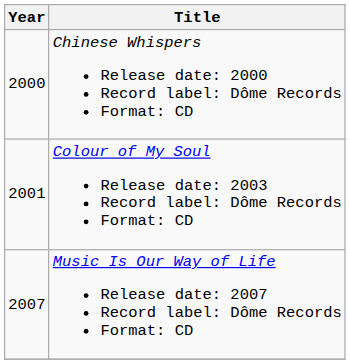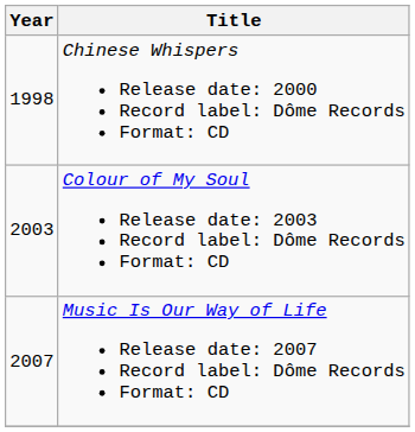 <table class="wikitable" style="text-align:center;">
 <tr>
 <th>Year</th>
 <th>Title</th>
 </tr>
 <tr>
-<td style="text-align:center;" rowspan="1">2000</td>
+<td style="text-align:center;" rowspan="1">1998</td>
 <td align="left"><em>Chinese Whispers</em><br><ul><li>Release date: 2000</li><li>Record label: Dôme Records</li><li>Format: CD</li></ul></td>
 </tr>
 <tr>
-<td style="text-align:center;" rowspan="1">2001</td>
+<td style="text-align:center;" rowspan="1">2003</td>
 <td align="left"><em><a href='#'>Colour of My Soul</a></em><br><ul><li>Release date: 2003</li><li>Record label: Dôme Records</li><li>Format: CD</li></ul></td>
 </tr>
 <tr>
 <td style="text-align:center;" rowspan="1">2007</td>
 <td align="left"><em><a href='#'>Music Is Our Way of Life</a></em><br><ul><li>Release date: 2007</li><li>Record label: Dôme Records</li><li>Format: CD</li></ul></td>
 </tr>
 <tr>
 </tr>
 </table>
